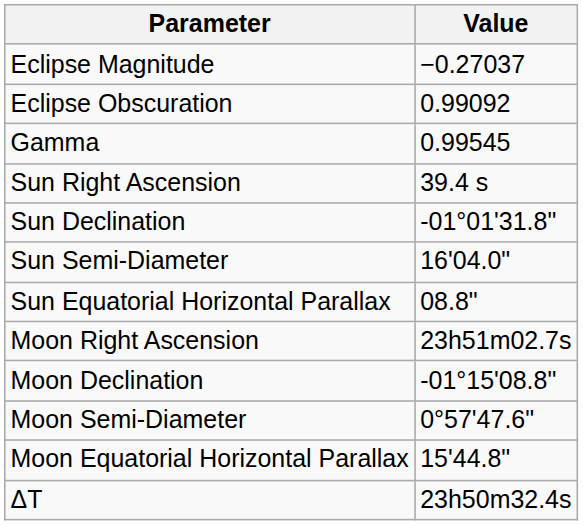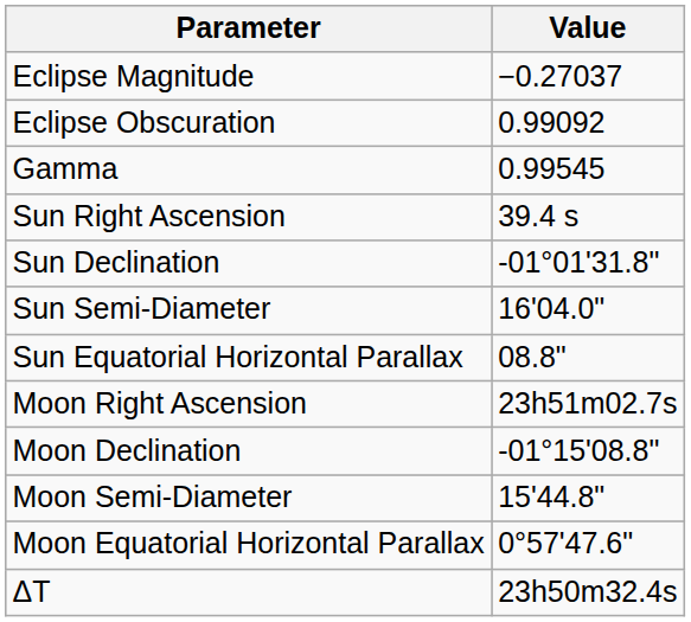 <table class="wikitable">
 <tr>
 <th>Parameter</th>
 <th>Value</th>
 </tr>
 <tr>
 <td>Eclipse Magnitude</td>
 <td>−0.27037</td>
 </tr>
 <tr>
 <td>Eclipse Obscuration</td>
 <td>0.99092</td>
 </tr>
 <tr>
 <td>Gamma</td>
 <td>0.99545</td>
 </tr>
 <tr>
 <td>Sun Right Ascension</td>
 <td>39.4 s</td>
 </tr>
 <tr>
 <td>Sun Declination</td>
 <td>-01°01'31.8"</td>
 </tr>
 <tr>
 <td>Sun Semi-Diameter</td>
 <td>16'04.0"</td>
 </tr>
 <tr>
 <td>Sun Equatorial Horizontal Parallax</td>
 <td>08.8"</td>
 </tr>
 <tr>
 <td>Moon Right Ascension</td>
 <td>23h51m02.7s</td>
 </tr>
 <tr>
 <td>Moon Declination</td>
 <td>-01°15'08.8"</td>
 </tr>
 <tr>
 <td>Moon Semi-Diameter</td>
-<td>0°57'47.6"</td>
+<td>15'44.8"</td>
 </tr>
 <tr>
 <td>Moon Equatorial Horizontal Parallax</td>
-<td>15'44.8"</td>
+<td>0°57'47.6"</td>
 </tr>
 <tr>
 <td>ΔT</td>
 <td>23h50m32.4s</td>
 </tr>
 </table>
